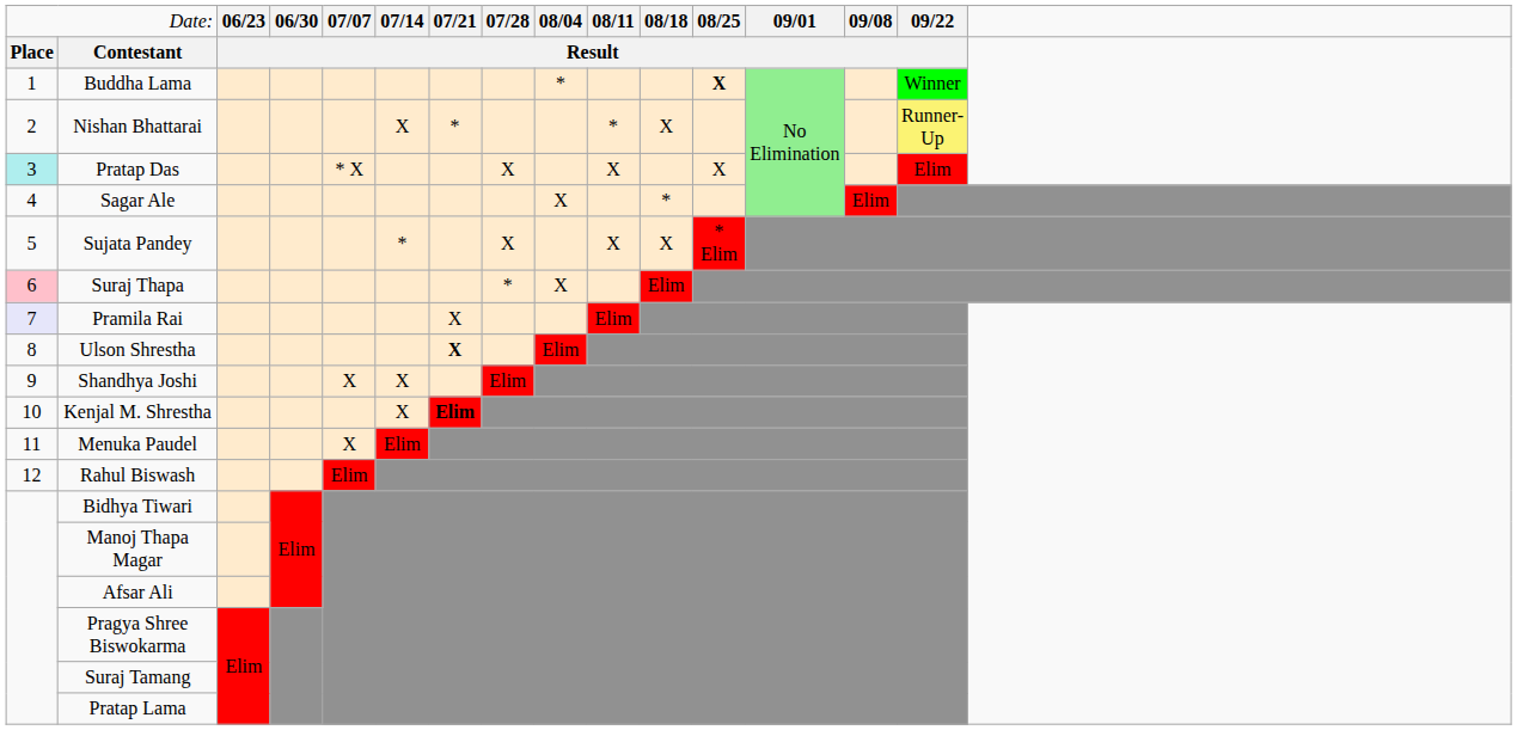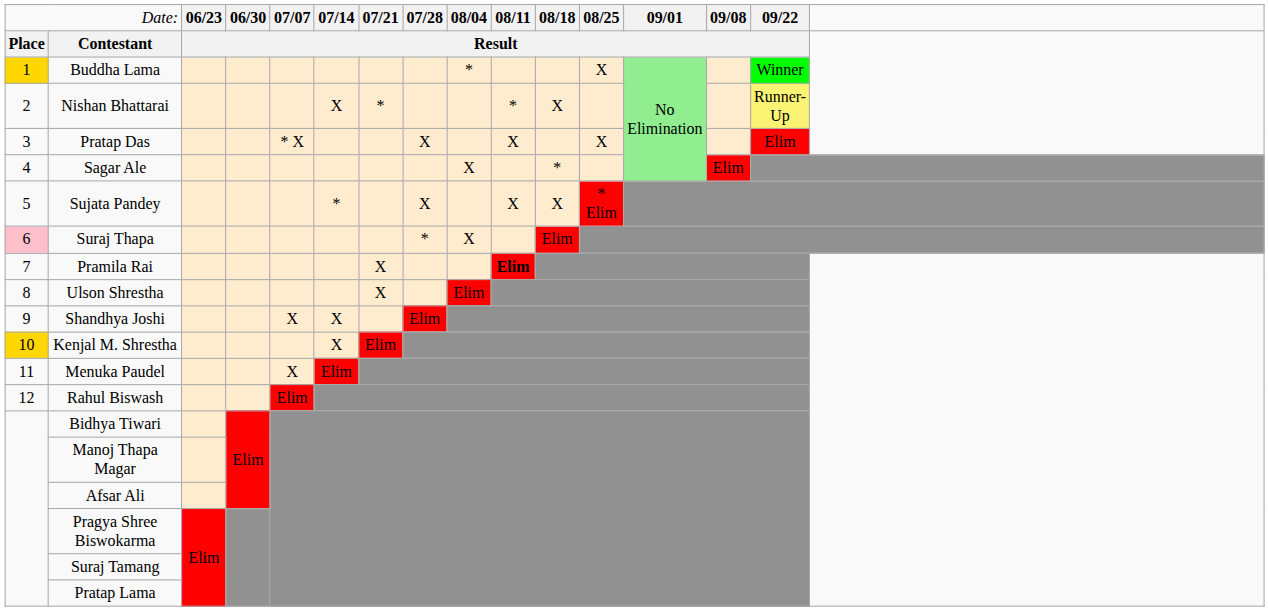 <table class="wikitable" style="text-align:center; font-size:95%; width:95%; margin:1em auto">
 <tr>
 <td colspan="2" style="text-align:right;"><em>Date:</em></td>
 <th style="width:35px">06/23</th>
 <th style="width:35px">06/30</th>
 <th style="width:35px">07/07</th>
 <th style="width:35px">07/14</th>
 <th style="width:35px">07/21</th>
 <th style="width:35px">07/28</th>
 <th style="width:35px">08/04</th>
 <th style="width:35px">08/11</th>
 <th style="width:35px">08/18</th>
 <th style="width:35px">08/25</th>
 <th style="width:35px">09/01</th>
 <th style="width:35px">09/08</th>
 <th style="width:35px">09/22</th>
 <td></td>
 </tr>
 <tr>
 <th style="width:30px">Place</th>
 <th style="width:120px">Contestant</th>
 <th colspan="13">Result</th>
 </tr>
 <tr>
-<td>1</td>
+<td style="background: gold;">1</td>
 <td>Buddha Lama</td>
 <td style="background:#FFEBCD;"></td>
 <td style="background:#FFEBCD;"></td>
 <td style="background:#FFEBCD;"></td>
 <td style="background:#FFEBCD;"></td>
 <td style="background:#FFEBCD;"></td>
 <td style="background:#FFEBCD;"></td>
 <td style="background:#FFEBCD;">*</td>
 <td style="background:#FFEBCD;"></td>
 <td style="background:#FFEBCD;"></td>
-<td style="background:#FFEBCD;"><strong>X</strong></td>
+<td style="background:#FFEBCD;">X</td>
 <td style="background:lightgreen;" rowspan="4">No Elimination</td>
 <td style="background:#FFEBCD;"></td>
 <td style="background:lime;">Winner</td>
 </tr>
 <tr>
 <td>2</td>
 <td>Nishan Bhattarai</td>
 <td style="background:#FFEBCD;"></td>
 <td style="background:#FFEBCD;"></td>
 <td style="background:#FFEBCD;"></td>
 <td style="background:#FFEBCD;">X</td>
 <td style="background:#FFEBCD;">*</td>
 <td style="background:#FFEBCD;"></td>
 <td style="background:#FFEBCD;"></td>
 <td style="background:#FFEBCD;">*</td>
 <td style="background:#FFEBCD;">X</td>
 <td style="background:#FFEBCD;"></td>
 <td style="background:#FFEBCD;"></td>
 <td style="background:#fbf373;">Runner-Up</td>
 </tr>
 <tr>
-<td style="background: paleturquoise;">3</td>
+<td>3</td>
 <td>Pratap Das</td>
 <td style="background:#FFEBCD;"></td>
 <td style="background:#FFEBCD;"></td>
 <td style="background:#FFEBCD;">* X</td>
 <td style="background:#FFEBCD;"></td>
 <td style="background:#FFEBCD;"></td>
 <td style="background:#FFEBCD;">X</td>
 <td style="background:#FFEBCD;"></td>
 <td style="background:#FFEBCD;">X</td>
 <td style="background:#FFEBCD;"></td>
 <td style="background:#FFEBCD;">X</td>
 <td style="background:#FFEBCD;"></td>
 <td style="background:#FF0000;">Elim</td>
 </tr>
 <tr>
 <td>4</td>
 <td>Sagar Ale</td>
 <td style="background:#FFEBCD;"></td>
 <td style="background:#FFEBCD;"></td>
 <td style="background:#FFEBCD;"></td>
 <td style="background:#FFEBCD;"></td>
 <td style="background:#FFEBCD;"></td>
 <td style="background:#FFEBCD;"></td>
 <td style="background:#FFEBCD;">X</td>
 <td style="background:#FFEBCD;"></td>
 <td style="background:#FFEBCD;">*</td>
 <td style="background:#FFEBCD;"></td>
 <td style="background:#FF0000;" rowspan="1">Elim</td>
 <td style="background:#919191;" colspan="4"></td>
 </tr>
 <tr>
 <td>5</td>
 <td>Sujata Pandey</td>
 <td style="background:#FFEBCD;"></td>
 <td style="background:#FFEBCD;"></td>
 <td style="background:#FFEBCD;"></td>
 <td style="background:#FFEBCD;">*</td>
 <td style="background:#FFEBCD;"></td>
 <td style="background:#FFEBCD;">X</td>
 <td style="background:#FFEBCD;"></td>
 <td style="background:#FFEBCD;">X</td>
 <td style="background:#FFEBCD;">X</td>
 <td style="background:#FF0000;" rowspan="1">* Elim</td>
 <td style="background:#919191;" colspan="5"></td>
 </tr>
 <tr>
 <td style="background: pink;">6</td>
 <td>Suraj Thapa</td>
 <td style="background:#FFEBCD;"></td>
 <td style="background:#FFEBCD;"></td>
 <td style="background:#FFEBCD;"></td>
 <td style="background:#FFEBCD;"></td>
 <td style="background:#FFEBCD;"></td>
 <td style="background:#FFEBCD;">*</td>
 <td style="background:#FFEBCD;">X</td>
 <td style="background:#FFEBCD;"></td>
 <td style="background:#FF0000;" rowspan="1">Elim</td>
 <td style="background:#919191;" colspan="5"></td>
 </tr>
 <tr>
-<td style="background: lavender;">7</td>
+<td>7</td>
 <td>Pramila Rai</td>
 <td style="background:#FFEBCD;"></td>
 <td style="background:#FFEBCD;"></td>
 <td style="background:#FFEBCD;"></td>
 <td style="background:#FFEBCD;"></td>
 <td style="background:#FFEBCD;">X</td>
 <td style="background:#FFEBCD;"></td>
 <td style="background:#FFEBCD;"></td>
-<td style="background:#FF0000;" rowspan="1">Elim</td>
+<td style="background:#FF0000;" rowspan="1"><strong>Elim</strong></td>
 <td style="background:#919191;" colspan="5"></td>
 </tr>
 <tr>
 <td>8</td>
 <td>Ulson Shrestha</td>
 <td style="background:#FFEBCD;"></td>
 <td style="background:#FFEBCD;"></td>
 <td style="background:#FFEBCD;"></td>
 <td style="background:#FFEBCD;"></td>
-<td style="background:#FFEBCD;"><strong>X</strong></td>
+<td style="background:#FFEBCD;">X</td>
 <td style="background:#FFEBCD;"></td>
 <td style="background:#FF0000;" rowspan="1">Elim</td>
 <td style="background:#919191;" colspan="6"></td>
 </tr>
 <tr>
 <td>9</td>
 <td>Shandhya Joshi</td>
 <td style="background:#FFEBCD;"></td>
 <td style="background:#FFEBCD;"></td>
 <td style="background:#FFEBCD;">X</td>
 <td style="background:#FFEBCD;">X</td>
 <td style="background:#FFEBCD;"></td>
 <td style="background:#FF0000;" rowspan="1">Elim</td>
 <td style="background:#919191;" colspan="7"></td>
 </tr>
 <tr>
-<td>10</td>
+<td style="background: gold;">10</td>
 <td>Kenjal M. Shrestha</td>
 <td style="background:#FFEBCD;"></td>
 <td style="background:#FFEBCD;"></td>
 <td style="background:#FFEBCD;"></td>
 <td style="background:#FFEBCD;">X</td>
-<td style="background:#FF0000;" rowspan="1"><strong>Elim</strong></td>
+<td style="background:#FF0000;" rowspan="1">Elim</td>
 <td colspan="8" style="background:#919191;"></td>
 </tr>
 <tr>
 <td>11</td>
 <td>Menuka Paudel</td>
 <td style="background:#FFEBCD;"></td>
 <td style="background:#FFEBCD;"></td>
 <td style="background:#FFEBCD;">X</td>
 <td style="background:#FF0000;" rowspan="1">Elim</td>
 <td colspan="9" style="background:#919191;"></td>
 </tr>
 <tr>
 <td>12</td>
 <td>Rahul Biswash</td>
 <td style="background:#FFEBCD;"></td>
 <td style="background:#FFEBCD;"></td>
 <td style="background:#FF0000;" rowspan="1">Elim</td>
 <td colspan="10" style="background:#919191;"></td>
 </tr>
 <tr>
 <td rowspan="6"></td>
 <td>Bidhya Tiwari</td>
 <td style="background:#ffebcd;"></td>
 <td style="background:#FF0000;" rowspan="3">Elim</td>
 <td colspan="11" rowspan="6" style="background:#919191;"></td>
 </tr>
 <tr>
 <td>Manoj Thapa Magar</td>
 <td style="background:#ffebcd;"></td>
 </tr>
 <tr>
 <td>Afsar Ali</td>
 <td style="background:#ffebcd;"></td>
 </tr>
 <tr>
 <td>Pragya Shree Biswokarma</td>
 <td style="background:#FF0000;" rowspan="5">Elim</td>
 <td colspan="12" rowspan="5" style="background:#919191;"></td>
 </tr>
 <tr>
 <td>Suraj Tamang</td>
 </tr>
 <tr>
 <td>Pratap Lama</td>
 </tr>
 </table>
